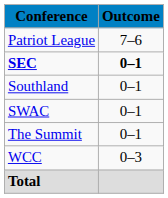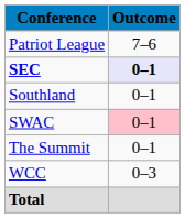 <table class="wikitable" style="white-space:nowrap; font-size:100%;">
 <tr>
 <th style="text-align:center; background:#0081C4;">Conference</th>
 <th style="text-align:center; background:#0081C4;">Outcome</th>
 </tr>
 <tr>
 <td><a href='#'>Patriot League</a></td>
 <td align=center>7–6</td>
 </tr>
 <tr>
 <td><strong><a href='#'>SEC</a></strong></td>
-<td align=center><strong>0–1</strong></td>
+<td align=center style="background: lavender;"><strong>0–1</strong></td>
 </tr>
 <tr>
 <td><a href='#'>Southland</a></td>
 <td align=center>0–1</td>
 </tr>
 <tr>
 <td><a href='#'>SWAC</a></td>
-<td align=center>0–1</td>
+<td align=center style="background: pink;">0–1</td>
 </tr>
 <tr>
 <td><a href='#'>The Summit</a></td>
 <td align=center>0–1</td>
 </tr>
 <tr>
 <td><a href='#'>WCC</a></td>
 <td align=center>0–3</td>
 </tr>
 <tr>
 <td style="background:#ddd;"><strong>Total</strong></td>
 <td style="background:#ddd;" align=center><strong></strong></td>
 </tr>
 </table>
